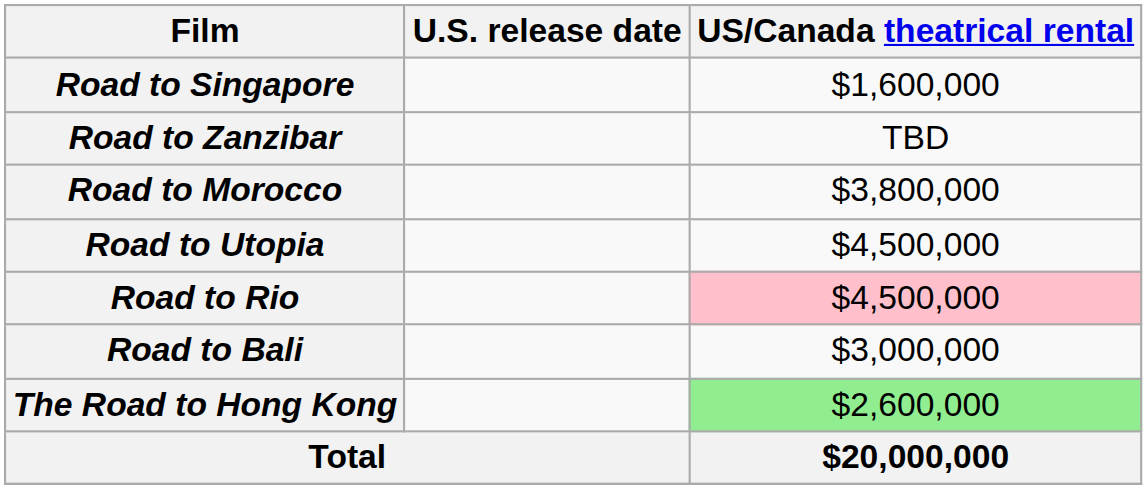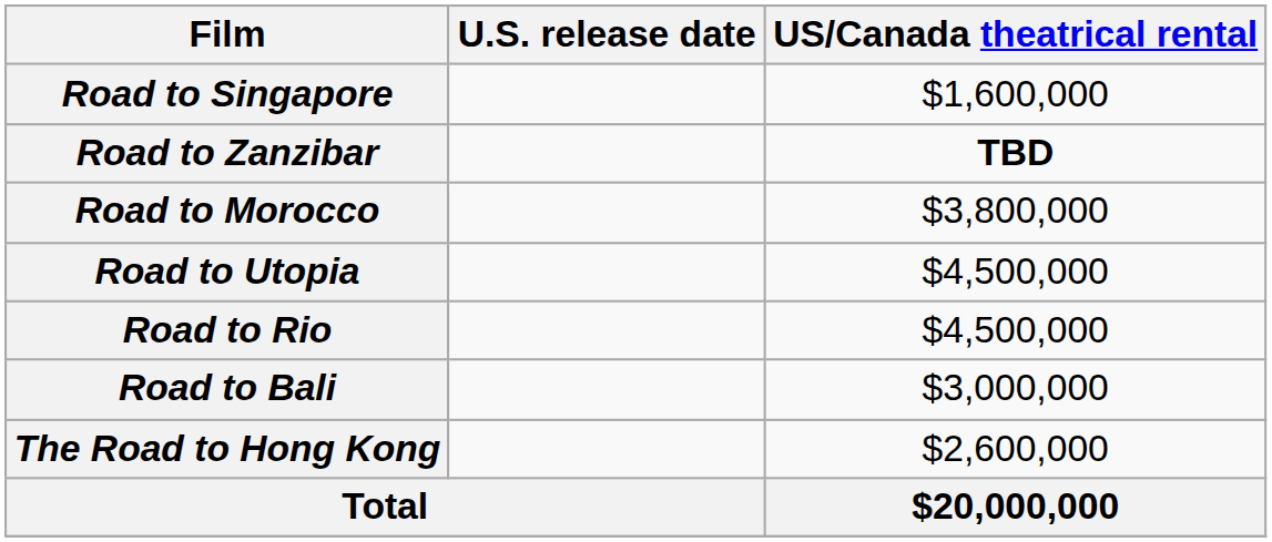 <table class="wikitable sortable plainrowheaders" style="text-align: center">
 <tr>
 <th scope="col">Film</th>
 <th scope="col">U.S. release date</th>
 <th scope="col">US/Canada <a href='#'>theatrical rental</a></th>
 </tr>
 <tr>
 <th scope="row"><em>Road to Singapore</em></th>
 <td></td>
 <td>$1,600,000</td>
 </tr>
 <tr>
 <th scope="row"><em>Road to Zanzibar</em></th>
 <td></td>
-<td>TBD</td>
+<td><strong>TBD</strong></td>
 </tr>
 <tr>
 <th scope="row"><em>Road to Morocco</em></th>
 <td></td>
 <td>$3,800,000</td>
 </tr>
 <tr>
 <th scope="row"><em>Road to Utopia</em></th>
 <td></td>
 <td>$4,500,000</td>
 </tr>
 <tr>
 <th scope="row"><em>Road to Rio</em></th>
 <td></td>
-<td style="background: pink;">$4,500,000</td>
+<td>$4,500,000</td>
 </tr>
 <tr>
 <th scope="row"><em>Road to Bali</em></th>
 <td></td>
 <td>$3,000,000</td>
 </tr>
 <tr>
 <th scope="row"><em>The Road to Hong Kong</em></th>
 <td></td>
-<td style="background: lightgreen;">$2,600,000</td>
+<td>$2,600,000</td>
 </tr>
 <tr>
 <th scope="row" colspan="2" style="text-align:center;">Total</th>
 <th>$20,000,000</th>
 </tr>
 <tr>
 </tr>
 </table>
